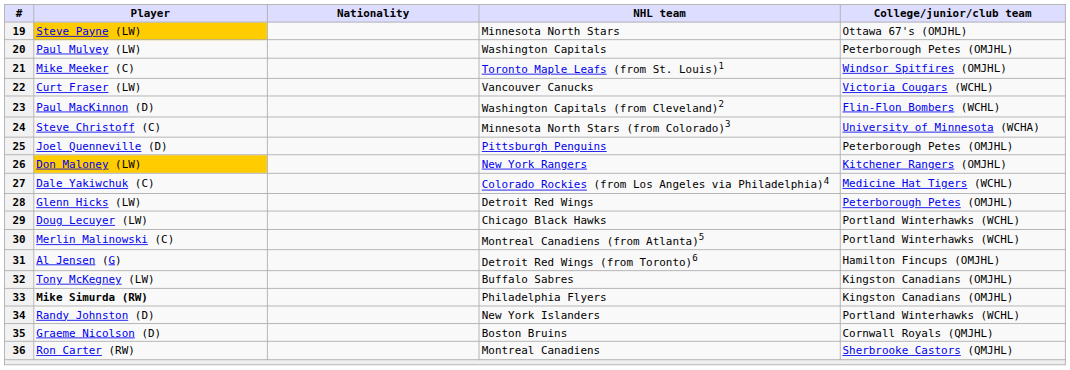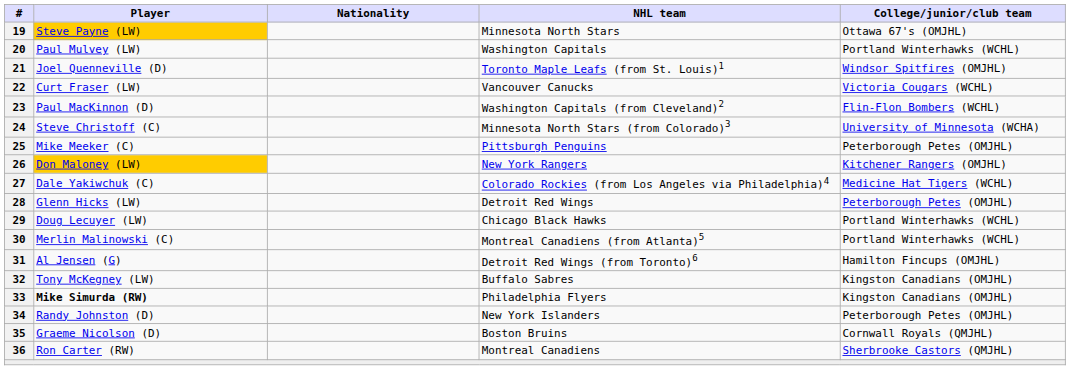 <table class="wikitable" style="width: 100%">
 <tr>
 <th style="background:#ddf; width:2.75%;">#</th>
 <th style="background:#ddf; width:22.0%;">Player</th>
 <th style="background:#ddf; width:20.0%;">Nationality</th>
 <th style="background:#ddf; width:34.0%;">NHL team</th>
 <th style="background:#ddf; width:100.0%;">College/junior/club team</th>
 </tr>
 <tr>
 <th>19</th>
 <td bgcolor="#FFCC00"><a href='#'>Steve Payne</a> (LW)</td>
 <td></td>
 <td>Minnesota North Stars</td>
 <td>Ottawa 67's (OMJHL)</td>
 </tr>
 <tr>
 <th>20</th>
 <td><a href='#'>Paul Mulvey</a> (LW)</td>
 <td></td>
 <td>Washington Capitals</td>
-<td>Peterborough Petes (OMJHL)</td>
+<td>Portland Winterhawks (WCHL)</td>
 </tr>
 <tr>
 <th>21</th>
-<td><a href='#'>Mike Meeker</a> (C)</td>
+<td><a href='#'>Joel Quenneville</a> (D)</td>
 <td></td>
 <td><a href='#'>Toronto Maple Leafs</a> (from St. Louis)<sup>1</sup></td>
 <td><a href='#'>Windsor Spitfires</a> (OMJHL)</td>
 </tr>
 <tr>
 <th>22</th>
 <td><a href='#'>Curt Fraser</a> (LW)</td>
 <td></td>
 <td>Vancouver Canucks</td>
 <td><a href='#'>Victoria Cougars</a> (WCHL)</td>
 </tr>
 <tr>
 <th>23</th>
 <td><a href='#'>Paul MacKinnon</a> (D)</td>
 <td></td>
 <td>Washington Capitals (from Cleveland)<sup>2</sup></td>
 <td><a href='#'>Flin-Flon Bombers</a> (WCHL)</td>
 </tr>
 <tr>
 <th>24</th>
 <td><a href='#'>Steve Christoff</a> (C)</td>
 <td></td>
 <td>Minnesota North Stars (from Colorado)<sup>3</sup></td>
 <td><a href='#'>University of Minnesota</a> (WCHA)</td>
 </tr>
 <tr>
 <th>25</th>
-<td><a href='#'>Joel Quenneville</a> (D)</td>
+<td><a href='#'>Mike Meeker</a> (C)</td>
 <td></td>
 <td><a href='#'>Pittsburgh Penguins</a></td>
 <td>Peterborough Petes (OMJHL)</td>
 </tr>
 <tr>
 <th>26</th>
 <td bgcolor="#FFCC00"><a href='#'>Don Maloney</a> (LW)</td>
 <td></td>
 <td><a href='#'>New York Rangers</a></td>
 <td><a href='#'>Kitchener Rangers</a> (OMJHL)</td>
 </tr>
 <tr>
 <th>27</th>
 <td><a href='#'>Dale Yakiwchuk</a> (C)</td>
 <td></td>
 <td><a href='#'>Colorado Rockies</a> (from Los Angeles via Philadelphia)<sup>4</sup></td>
 <td><a href='#'>Medicine Hat Tigers</a> (WCHL)</td>
 </tr>
 <tr>
 <th>28</th>
 <td><a href='#'>Glenn Hicks</a> (LW)</td>
 <td></td>
 <td>Detroit Red Wings</td>
 <td><a href='#'>Peterborough Petes</a> (OMJHL)</td>
 </tr>
 <tr>
 <th>29</th>
 <td><a href='#'>Doug Lecuyer</a> (LW)</td>
 <td></td>
 <td>Chicago Black Hawks</td>
 <td>Portland Winterhawks (WCHL)</td>
 </tr>
 <tr>
 <th>30</th>
 <td><a href='#'>Merlin Malinowski</a> (C)</td>
 <td></td>
 <td>Montreal Canadiens (from Atlanta)<sup>5</sup></td>
 <td>Portland Winterhawks (WCHL)</td>
 </tr>
 <tr>
 <th>31</th>
 <td><a href='#'>Al Jensen</a> (<a href='#'>G</a>)</td>
 <td></td>
 <td>Detroit Red Wings (from Toronto)<sup>6</sup></td>
 <td>Hamilton Fincups (OMJHL)</td>
 </tr>
 <tr>
 <th>32</th>
 <td><a href='#'>Tony McKegney</a> (LW)</td>
 <td></td>
 <td>Buffalo Sabres</td>
 <td>Kingston Canadians (OMJHL)</td>
 </tr>
 <tr>
 <th>33</th>
 <td><strong>Mike Simurda (RW)</strong></td>
 <td></td>
 <td>Philadelphia Flyers</td>
 <td>Kingston Canadians (OMJHL)</td>
 </tr>
 <tr>
 <th>34</th>
 <td><a href='#'>Randy Johnston</a> (D)</td>
 <td></td>
 <td>New York Islanders</td>
-<td>Portland Winterhawks (WCHL)</td>
+<td>Peterborough Petes (OMJHL)</td>
 </tr>
 <tr>
 <th>35</th>
 <td><a href='#'>Graeme Nicolson</a> (D)</td>
 <td></td>
 <td>Boston Bruins</td>
 <td>Cornwall Royals (QMJHL)</td>
 </tr>
 <tr>
 <th>36</th>
 <td><a href='#'>Ron Carter</a> (RW)</td>
 <td></td>
 <td>Montreal Canadiens</td>
 <td><a href='#'>Sherbrooke Castors</a> (QMJHL)</td>
 </tr>
 <tr>
 <td align=center colspan="6" bgcolor="#efefef"></td>
 </tr>
 </table>
